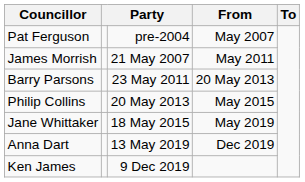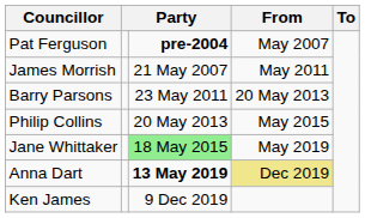 <table class=wikitable>
 <tr>
 <th>Councillor</th>
 <th colspan=2>Party</th>
 <th>From</th>
 <th>To</th>
 </tr>
 <tr>
 <td>Pat Ferguson</td>
 <td></td>
-<td align=right>pre-2004</td>
+<td align=right><strong>pre-2004</strong></td>
 <td align=right>May 2007</td>
 </tr>
 <tr>
 <td>James Morrish</td>
 <td></td>
 <td align=right>21 May 2007</td>
 <td align=right>May 2011</td>
 </tr>
 <tr>
 <td>Barry Parsons</td>
 <td></td>
 <td align=right>23 May 2011</td>
 <td align=right>20 May 2013</td>
 </tr>
 <tr>
 <td>Philip Collins</td>
 <td></td>
 <td align=right>20 May 2013</td>
 <td align=right>May 2015</td>
 </tr>
 <tr>
 <td>Jane Whittaker</td>
 <td></td>
-<td align=right>18 May 2015</td>
+<td align=right style="background: lightgreen;">18 May 2015</td>
 <td align=right>May 2019</td>
 </tr>
 <tr>
 <td>Anna Dart</td>
 <td></td>
-<td align=right>13 May 2019</td>
-<td align=right>Dec 2019</td>
+<td align=right><strong>13 May 2019</strong></td>
+<td align=right style="background: khaki;">Dec 2019</td>
 </tr>
 <tr>
 <td>Ken James</td>
 <td></td>
 <td align=right>9 Dec 2019</td>
 <td></td>
 </tr>
 </table>
